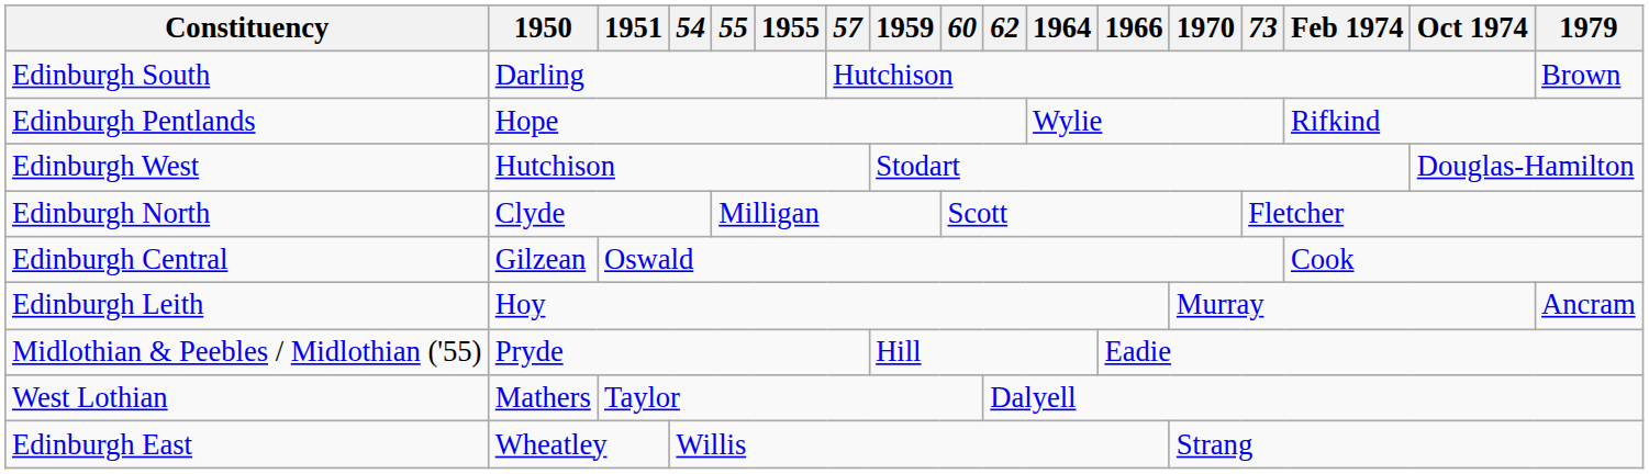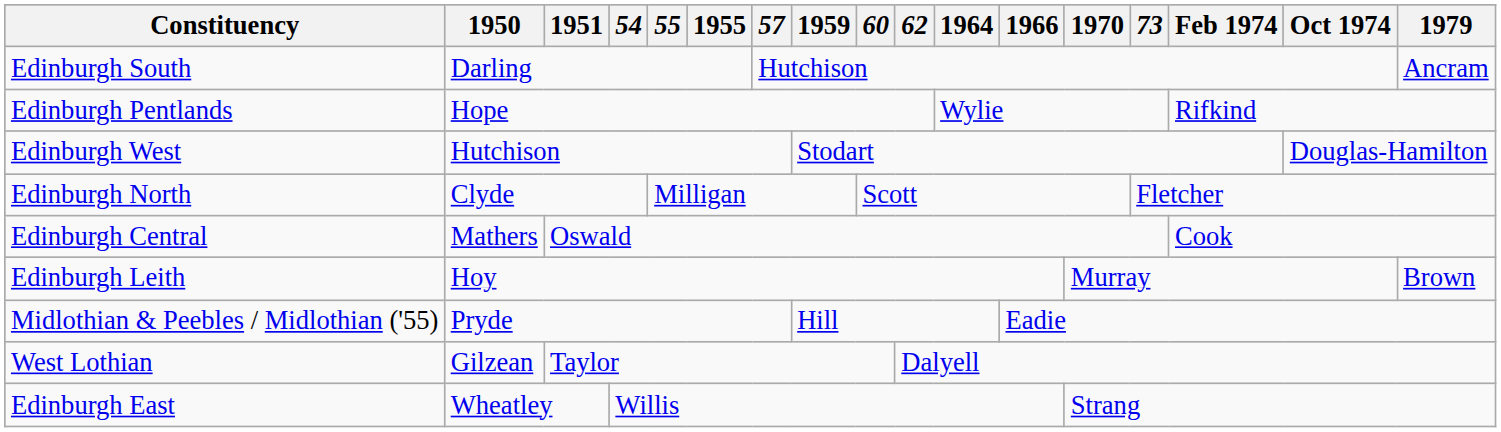 <table class="wikitable">
 <tr>
 <th>Constituency</th>
 <th>1950</th>
 <th>1951</th>
 <th><em>54</em></th>
 <th><em>55</em></th>
 <th>1955</th>
 <th><em>57</em></th>
 <th>1959</th>
 <th><em>60</em></th>
 <th><em>62</em></th>
 <th>1964</th>
 <th>1966</th>
 <th>1970</th>
 <th><em>73</em></th>
 <th>Feb 1974</th>
 <th>Oct 1974</th>
 <th>1979</th>
 </tr>
 <tr>
 <td><a href='#'>Edinburgh South</a></td>
 <td colspan="5"><a href='#'>Darling</a></td>
 <td colspan="10"><a href='#'>Hutchison</a></td>
-<td><a href='#'>Brown</a></td>
+<td><a href='#'>Ancram</a></td>
 </tr>
 <tr>
 <td><a href='#'>Edinburgh Pentlands</a></td>
 <td colspan="9"><a href='#'>Hope</a></td>
 <td colspan="4"><a href='#'>Wylie</a></td>
 <td colspan="3"><a href='#'>Rifkind</a></td>
 </tr>
 <tr>
 <td><a href='#'>Edinburgh West</a></td>
 <td colspan="6"><a href='#'>Hutchison</a></td>
 <td colspan="8"><a href='#'>Stodart</a></td>
 <td colspan="2"><a href='#'>Douglas-Hamilton</a></td>
 </tr>
 <tr>
 <td><a href='#'>Edinburgh North</a></td>
 <td colspan="3"><a href='#'>Clyde</a></td>
 <td colspan="4"><a href='#'>Milligan</a></td>
 <td colspan="5"><a href='#'>Scott</a></td>
 <td colspan="4"><a href='#'>Fletcher</a></td>
 </tr>
 <tr>
 <td><a href='#'>Edinburgh Central</a></td>
-<td><a href='#'>Gilzean</a></td>
+<td><a href='#'>Mathers</a></td>
 <td colspan="12"><a href='#'>Oswald</a></td>
 <td colspan="3"><a href='#'>Cook</a></td>
 </tr>
 <tr>
 <td><a href='#'>Edinburgh Leith</a></td>
 <td colspan="11"><a href='#'>Hoy</a></td>
 <td colspan="4"><a href='#'>Murray</a></td>
-<td><a href='#'>Ancram</a></td>
+<td><a href='#'>Brown</a></td>
 </tr>
 <tr>
 <td><a href='#'>Midlothian & Peebles</a> / <a href='#'>Midlothian</a> ('55)</td>
 <td colspan="6"><a href='#'>Pryde</a></td>
 <td colspan="4"><a href='#'>Hill</a></td>
 <td colspan="6"><a href='#'>Eadie</a></td>
 </tr>
 <tr>
 <td><a href='#'>West Lothian</a></td>
-<td><a href='#'>Mathers</a></td>
+<td><a href='#'>Gilzean</a></td>
 <td colspan="7"><a href='#'>Taylor</a></td>
 <td colspan="8"><a href='#'>Dalyell</a></td>
 </tr>
 <tr>
 <td><a href='#'>Edinburgh East</a></td>
 <td colspan="2"><a href='#'>Wheatley</a></td>
 <td colspan="9"><a href='#'>Willis</a></td>
 <td colspan="5"><a href='#'>Strang</a></td>
 </tr>
 </table>
